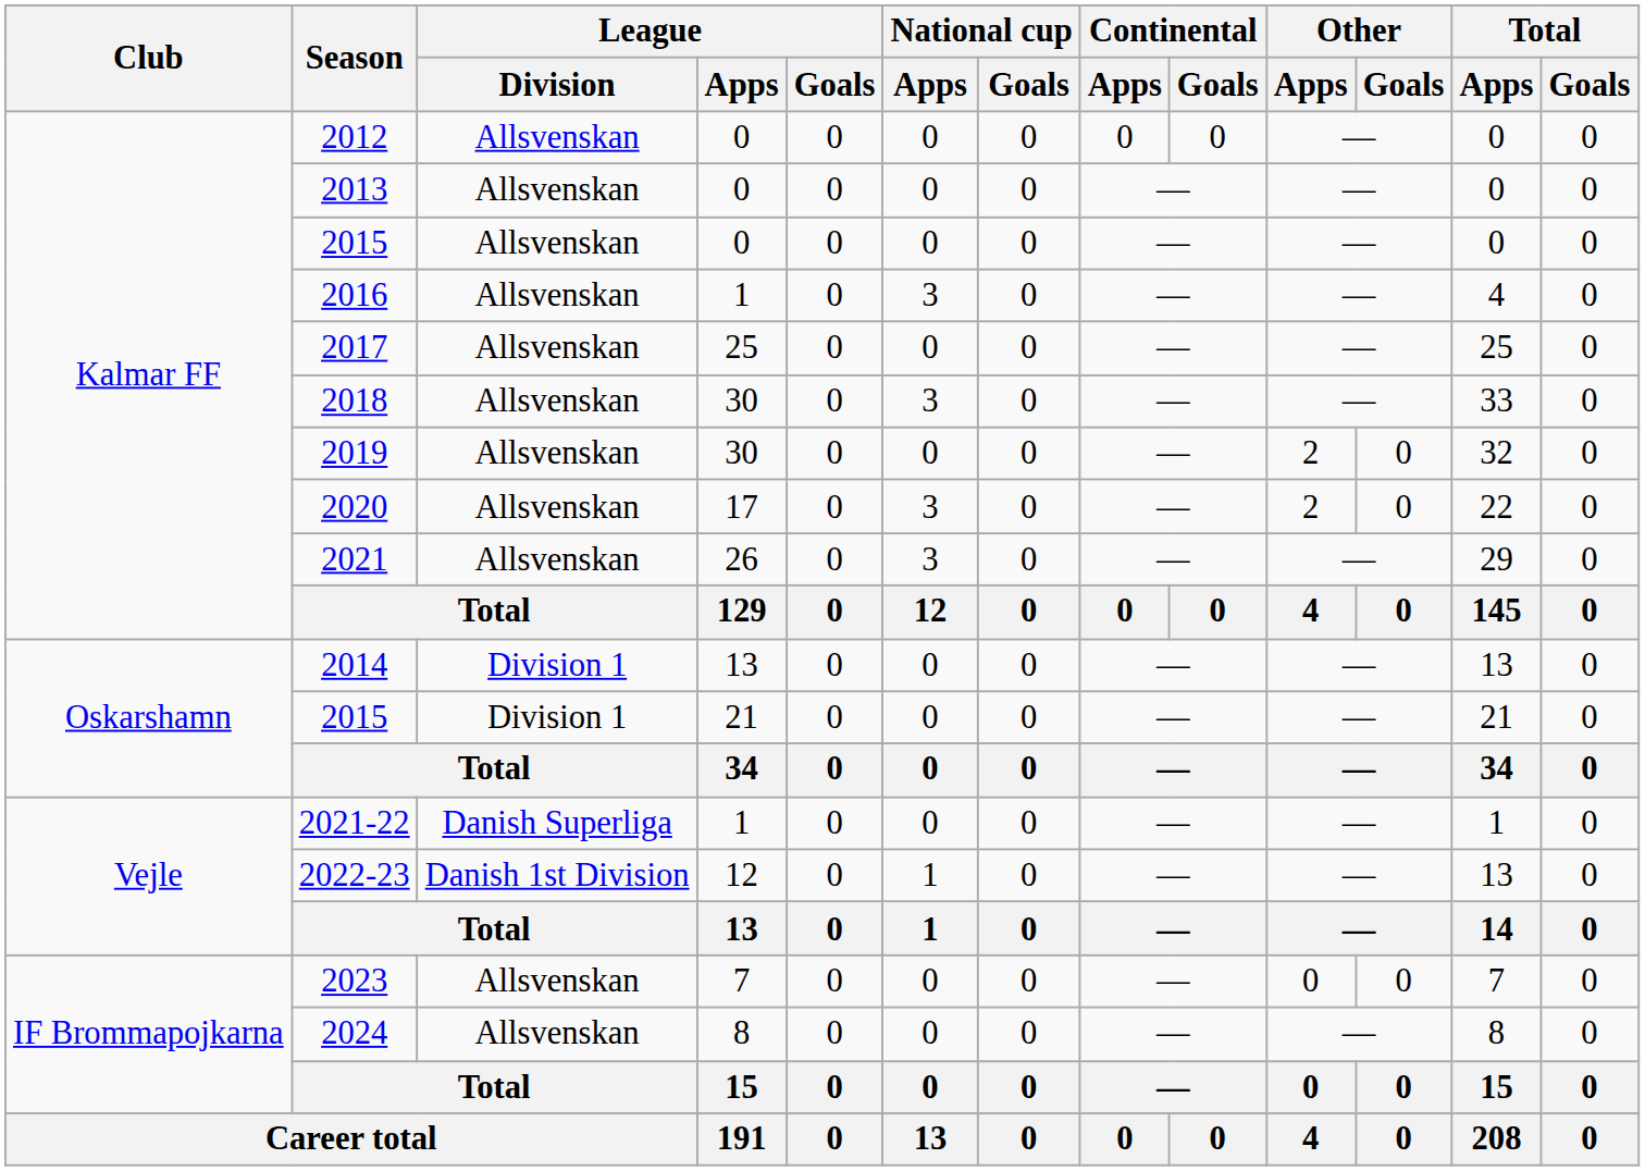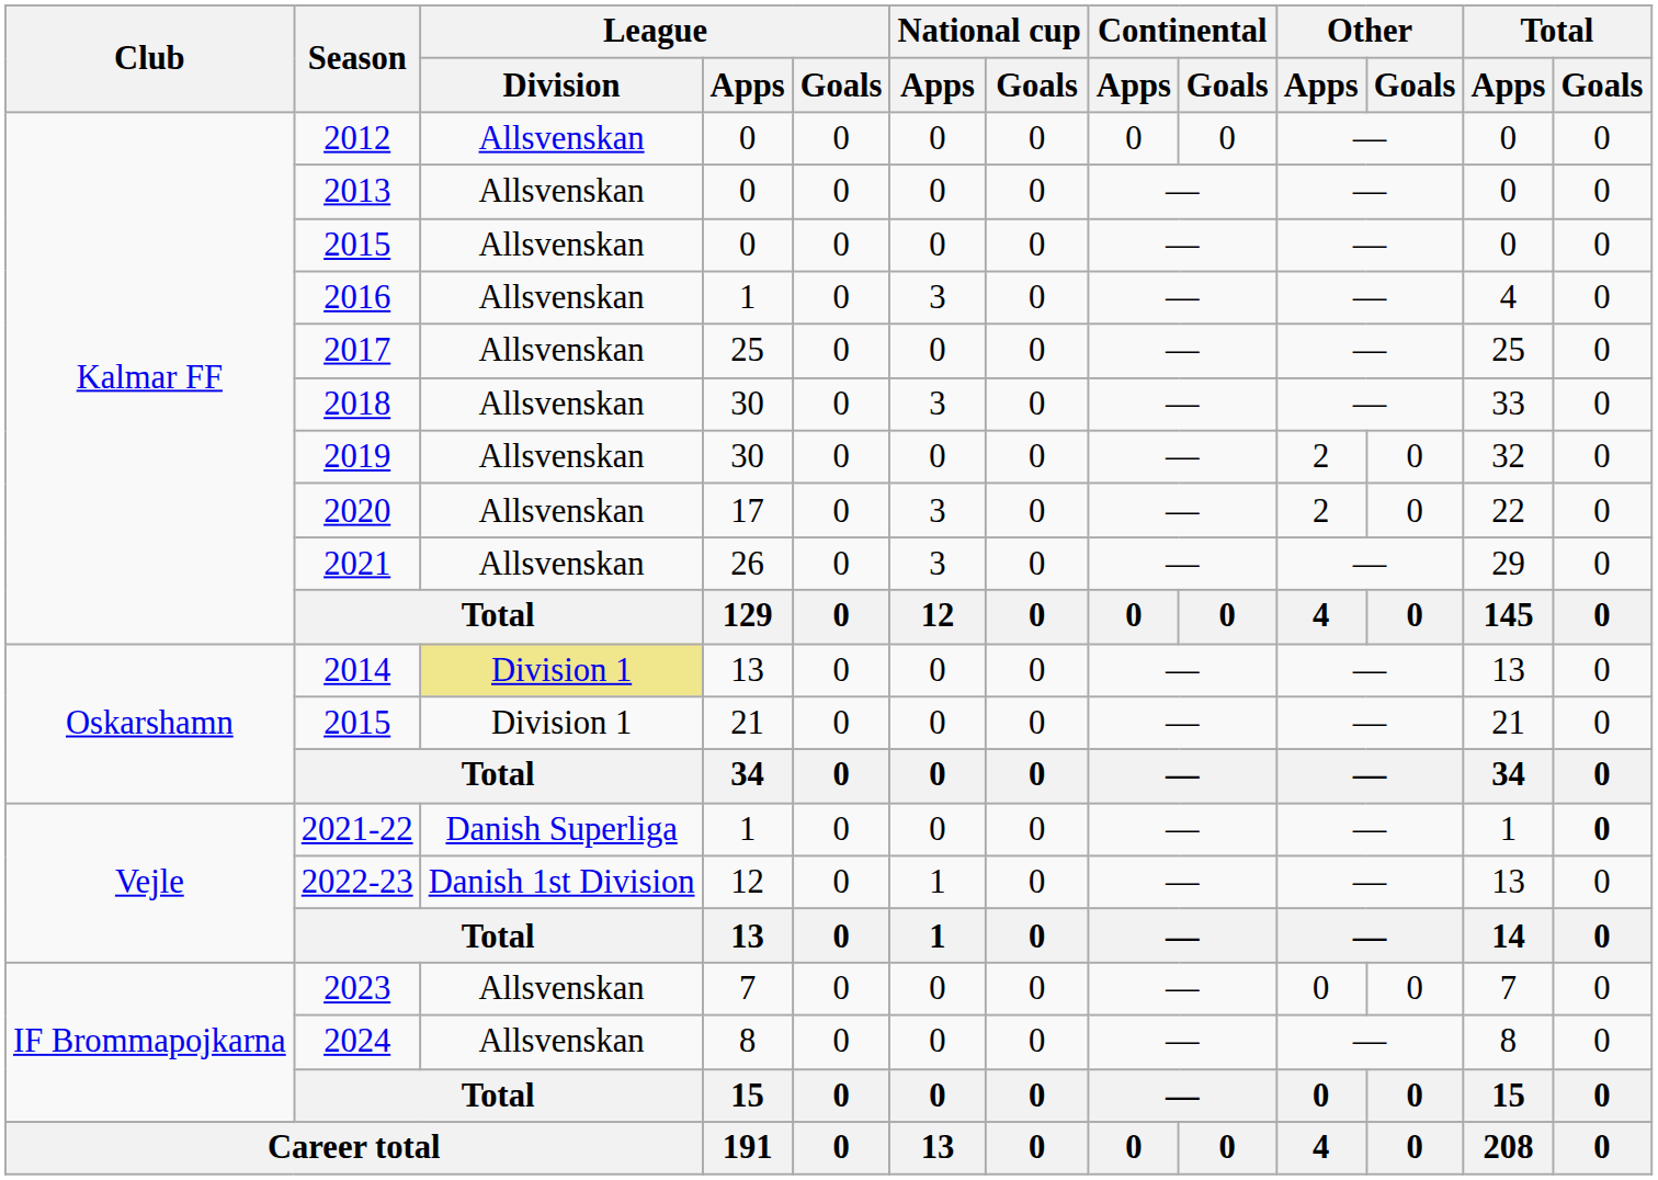 <table class="wikitable" style="text-align: center;">
 <tr>
 <th rowspan="2">Club</th>
 <th rowspan="2">Season</th>
 <th colspan="3">League</th>
 <th colspan="2">National cup</th>
 <th colspan="2">Continental</th>
 <th colspan="2">Other</th>
 <th colspan="2">Total</th>
 </tr>
 <tr>
 <th>Division</th>
 <th>Apps</th>
 <th>Goals</th>
 <th>Apps</th>
 <th>Goals</th>
 <th>Apps</th>
 <th>Goals</th>
 <th>Apps</th>
 <th>Goals</th>
 <th>Apps</th>
 <th>Goals</th>
 </tr>
 <tr>
 <td rowspan="10"><a href='#'>Kalmar FF</a></td>
 <td><a href='#'>2012</a></td>
 <td><a href='#'>Allsvenskan</a></td>
 <td>0</td>
 <td>0</td>
 <td>0</td>
 <td>0</td>
 <td>0</td>
 <td>0</td>
 <td colspan="2">—</td>
 <td>0</td>
 <td>0</td>
 </tr>
 <tr>
 <td><a href='#'>2013</a></td>
 <td>Allsvenskan</td>
 <td>0</td>
 <td>0</td>
 <td>0</td>
 <td>0</td>
 <td colspan="2">—</td>
 <td colspan="2">—</td>
 <td>0</td>
 <td>0</td>
 </tr>
 <tr>
 <td><a href='#'>2015</a></td>
 <td>Allsvenskan</td>
 <td>0</td>
 <td>0</td>
 <td>0</td>
 <td>0</td>
 <td colspan="2">—</td>
 <td colspan="2">—</td>
 <td>0</td>
 <td>0</td>
 </tr>
 <tr>
 <td><a href='#'>2016</a></td>
 <td>Allsvenskan</td>
 <td>1</td>
 <td>0</td>
 <td>3</td>
 <td>0</td>
 <td colspan="2">—</td>
 <td colspan="2">—</td>
 <td>4</td>
 <td>0</td>
 </tr>
 <tr>
 <td><a href='#'>2017</a></td>
 <td>Allsvenskan</td>
 <td>25</td>
 <td>0</td>
 <td>0</td>
 <td>0</td>
 <td colspan="2">—</td>
 <td colspan="2">—</td>
 <td>25</td>
 <td>0</td>
 </tr>
 <tr>
 <td><a href='#'>2018</a></td>
 <td>Allsvenskan</td>
 <td>30</td>
 <td>0</td>
 <td>3</td>
 <td>0</td>
 <td colspan="2">—</td>
 <td colspan="2">—</td>
 <td>33</td>
 <td>0</td>
 </tr>
 <tr>
 <td><a href='#'>2019</a></td>
 <td>Allsvenskan</td>
 <td>30</td>
 <td>0</td>
 <td>0</td>
 <td>0</td>
 <td colspan="2">—</td>
 <td>2</td>
 <td>0</td>
 <td>32</td>
 <td>0</td>
 </tr>
 <tr>
 <td><a href='#'>2020</a></td>
 <td>Allsvenskan</td>
 <td>17</td>
 <td>0</td>
 <td>3</td>
 <td>0</td>
 <td colspan="2">—</td>
 <td>2</td>
 <td>0</td>
 <td>22</td>
 <td>0</td>
 </tr>
 <tr>
 <td><a href='#'>2021</a></td>
 <td>Allsvenskan</td>
 <td>26</td>
 <td>0</td>
 <td>3</td>
 <td>0</td>
 <td colspan="2">—</td>
 <td colspan="2">—</td>
 <td>29</td>
 <td>0</td>
 </tr>
 <tr>
 <th colspan="2">Total</th>
 <th>129</th>
 <th>0</th>
 <th>12</th>
 <th>0</th>
 <th>0</th>
 <th>0</th>
 <th>4</th>
 <th>0</th>
 <th>145</th>
 <th>0</th>
 </tr>
 <tr>
 <td rowspan="3"><a href='#'>Oskarshamn</a></td>
 <td><a href='#'>2014</a></td>
-<td><a href='#'>Division 1</a></td>
+<td style="background: khaki;"><a href='#'>Division 1</a></td>
 <td>13</td>
 <td>0</td>
 <td>0</td>
 <td>0</td>
 <td colspan="2">—</td>
 <td colspan="2">—</td>
 <td>13</td>
 <td>0</td>
 </tr>
 <tr>
 <td><a href='#'>2015</a></td>
 <td>Division 1</td>
 <td>21</td>
 <td>0</td>
 <td>0</td>
 <td>0</td>
 <td colspan="2">—</td>
 <td colspan="2">—</td>
 <td>21</td>
 <td>0</td>
 </tr>
 <tr>
 <th colspan="2">Total</th>
 <th>34</th>
 <th>0</th>
 <th>0</th>
 <th>0</th>
 <th colspan="2">—</th>
 <th colspan="2">—</th>
 <th>34</th>
 <th>0</th>
 </tr>
 <tr>
 <td rowspan="3"><a href='#'>Vejle</a></td>
 <td><a href='#'>2021-22</a></td>
 <td><a href='#'>Danish Superliga</a></td>
 <td>1</td>
 <td>0</td>
 <td>0</td>
 <td>0</td>
 <td colspan="2">—</td>
 <td colspan="2">—</td>
 <td>1</td>
-<td>0</td>
+<td><strong>0</strong></td>
 </tr>
 <tr>
 <td><a href='#'>2022-23</a></td>
 <td><a href='#'>Danish 1st Division</a></td>
 <td>12</td>
 <td>0</td>
 <td>1</td>
 <td>0</td>
 <td colspan="2">—</td>
 <td colspan="2">—</td>
 <td>13</td>
 <td>0</td>
 </tr>
 <tr>
 <th colspan="2">Total</th>
 <th>13</th>
 <th>0</th>
 <th>1</th>
 <th>0</th>
 <th colspan="2">—</th>
 <th colspan="2">—</th>
 <th>14</th>
 <th>0</th>
 </tr>
 <tr>
 <td rowspan="3"><a href='#'>IF Brommapojkarna</a></td>
 <td><a href='#'>2023</a></td>
 <td>Allsvenskan</td>
 <td>7</td>
 <td>0</td>
 <td>0</td>
 <td>0</td>
 <td colspan="2">—</td>
 <td>0</td>
 <td>0</td>
 <td>7</td>
 <td>0</td>
 </tr>
 <tr>
 <td><a href='#'>2024</a></td>
 <td>Allsvenskan</td>
 <td>8</td>
 <td>0</td>
 <td>0</td>
 <td>0</td>
 <td colspan="2">—</td>
 <td colspan="2">—</td>
 <td>8</td>
 <td>0</td>
 </tr>
 <tr>
 <th colspan="2">Total</th>
 <th>15</th>
 <th>0</th>
 <th>0</th>
 <th>0</th>
 <th colspan="2">—</th>
 <th>0</th>
 <th>0</th>
 <th>15</th>
 <th>0</th>
 </tr>
 <tr>
 <th colspan="3">Career total</th>
 <th>191</th>
 <th>0</th>
 <th>13</th>
 <th>0</th>
 <th>0</th>
 <th>0</th>
 <th>4</th>
 <th>0</th>
 <th>208</th>
 <th>0</th>
 </tr>
 </table>
